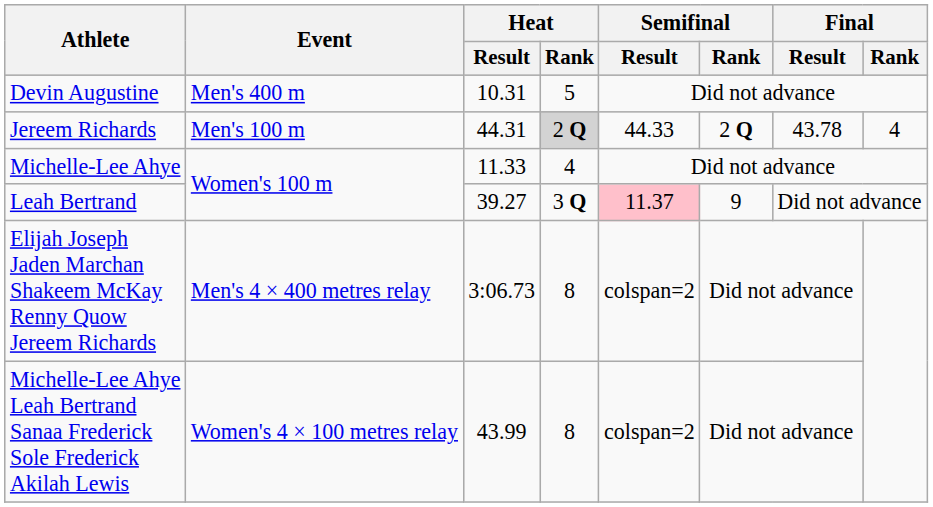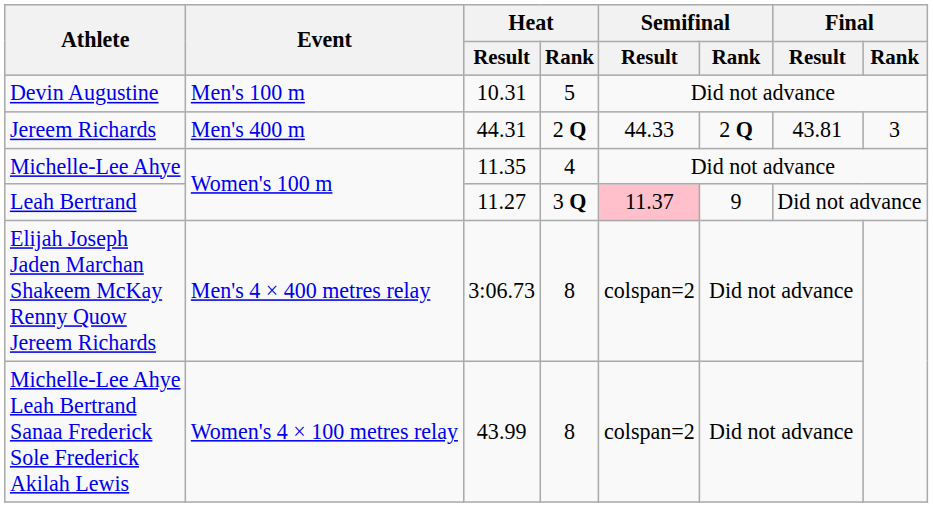 <table class="wikitable" style="font-size:90%">
 <tr>
 <th rowspan="2">Athlete</th>
 <th rowspan="2">Event</th>
 <th colspan="2">Heat</th>
 <th colspan="2">Semifinal</th>
 <th colspan="2">Final</th>
 </tr>
 <tr style="font-size:95%">
 <th>Result</th>
 <th>Rank</th>
 <th>Result</th>
 <th>Rank</th>
 <th>Result</th>
 <th>Rank</th>
 </tr>
 <tr align=center>
 <td align=left><a href='#'>Devin Augustine</a></td>
-<td align=left><a href='#'>Men's 400 m</a></td>
+<td align=left><a href='#'>Men's 100 m</a></td>
 <td>10.31</td>
 <td>5</td>
 <td colspan=4>Did not advance</td>
 </tr>
 <tr align=center>
 <td align=left><a href='#'>Jereem Richards</a></td>
-<td align=left><a href='#'>Men's 100 m</a></td>
+<td align=left><a href='#'>Men's 400 m</a></td>
 <td>44.31</td>
-<td style="background: lightgrey;">2 <strong>Q</strong></td>
+<td>2 <strong>Q</strong></td>
 <td>44.33</td>
 <td>2 <strong>Q</strong></td>
-<td>43.78</td>
-<td>4</td>
+<td>43.81</td>
+<td>3</td>
 </tr>
 <tr align=center>
 <td align=left><a href='#'>Michelle-Lee Ahye</a></td>
 <td align=left rowspan=2><a href='#'>Women's 100 m</a></td>
-<td>11.33</td>
+<td>11.35</td>
 <td>4</td>
 <td colspan=4>Did not advance</td>
 </tr>
 <tr align=center>
 <td align=left><a href='#'>Leah Bertrand</a></td>
-<td>39.27</td>
+<td>11.27</td>
 <td>3 <strong>Q</strong></td>
 <td style="background: pink;">11.37</td>
 <td>9</td>
 <td colspan=2>Did not advance</td>
 </tr>
 <tr align=center>
 <td align=left><a href='#'>Elijah Joseph</a><br><a href='#'>Jaden Marchan</a><br><a href='#'>Shakeem McKay</a><br><a href='#'>Renny Quow</a><br><a href='#'>Jereem Richards</a></td>
 <td align=left><a href='#'>Men's 4 × 400 metres relay</a></td>
 <td>3:06.73</td>
 <td>8</td>
 <td>colspan=2 </td>
 <td colspan=2>Did not advance</td>
 </tr>
 <tr align=center>
 <td align=left><a href='#'>Michelle-Lee Ahye</a><br><a href='#'>Leah Bertrand</a><br><a href='#'>Sanaa Frederick</a><br><a href='#'>Sole Frederick</a><br><a href='#'>Akilah Lewis</a></td>
 <td align=left><a href='#'>Women's 4 × 100 metres relay</a></td>
 <td>43.99</td>
 <td>8</td>
 <td>colspan=2 </td>
 <td colspan=2>Did not advance</td>
 </tr>
 </table>
